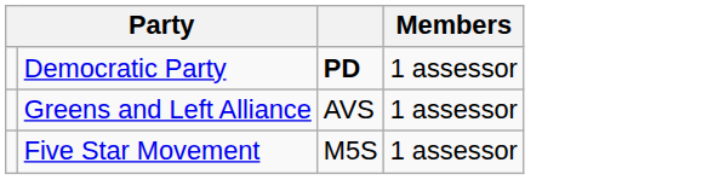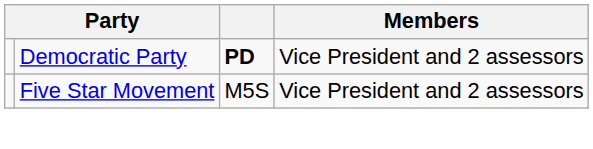 <table class="wikitable">
 <tr>
 <th colspan=2>Party</th>
 <th></th>
 <th>Members</th>
 </tr>
 <tr>
 <td style="background:"></td>
 <td><a href='#'>Democratic Party</a></td>
 <td><strong>PD</strong></td>
-<td>1 assessor</td>
-</tr>
-<tr>
-<td style="background:"></td>
-<td><a href='#'>Greens and Left Alliance</a></td>
-<td>AVS</td>
-<td>1 assessor</td>
+<td>Vice President and 2 assessors</td>
 </tr>
 <tr>
 <td style="background:"></td>
 <td><a href='#'>Five Star Movement</a></td>
 <td>M5S</td>
-<td>1 assessor</td>
+<td>Vice President and 2 assessors</td>
 </tr>
 </table>
